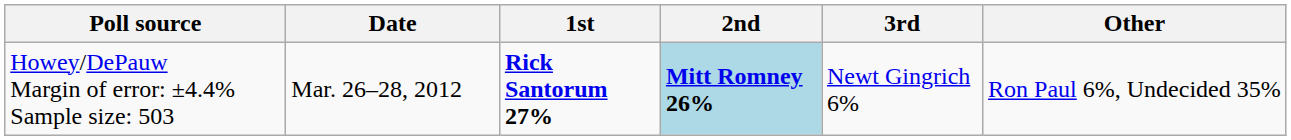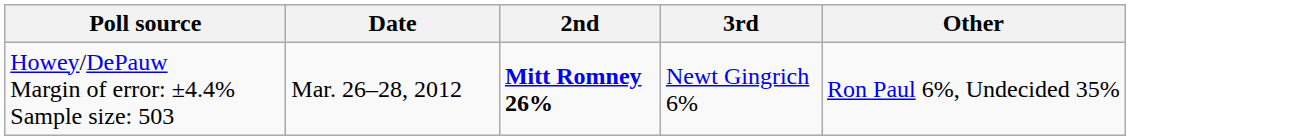 <table class="wikitable">
 <tr>
 <th style="width:180px;">Poll source</th>
 <th style="width:135px;">Date</th>
-<th style="width:100px;">1st</th>
 <th style="width:100px;">2nd</th>
 <th style="width:100px;">3rd</th>
 <th>Other</th>
 </tr>
 <tr>
 <td><a href='#'>Howey</a>/<a href='#'>DePauw</a><br>Margin of error: ±4.4% <br>Sample size: 503</td>
 <td>Mar. 26–28, 2012</td>
-<td><strong><a href='#'>Rick Santorum</a><br> 27%</strong></td>
-<td style="background: lightblue;"><strong><a href='#'>Mitt Romney</a><br> 26%</strong></td>
+<td><strong><a href='#'>Mitt Romney</a><br> 26%</strong></td>
 <td><a href='#'>Newt Gingrich</a><br> 6%</td>
 <td><a href='#'>Ron Paul</a> 6%, Undecided 35%</td>
 </tr>
 </table>
